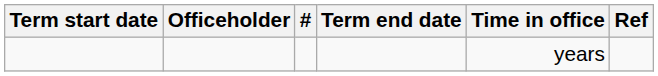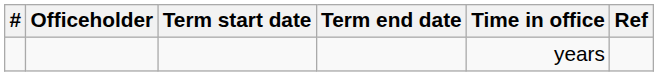 <table class='wikitable sortable'>
 <tr>
+<th>#</th>
+<th>Officeholder</th>
 <th>Term start date</th>
-<th>Officeholder</th>
-<th>#</th>
 <th>Term end date</th>
 <th>Time in office</th>
 <th class="unsortable">Ref</th>
 </tr>
 <tr>
 <td align=center></td>
 <td></td>
 <td align=center></td>
 <td align=center></td>
 <td align=right> years</td>
 <td></td>
 </tr>
 </table>
